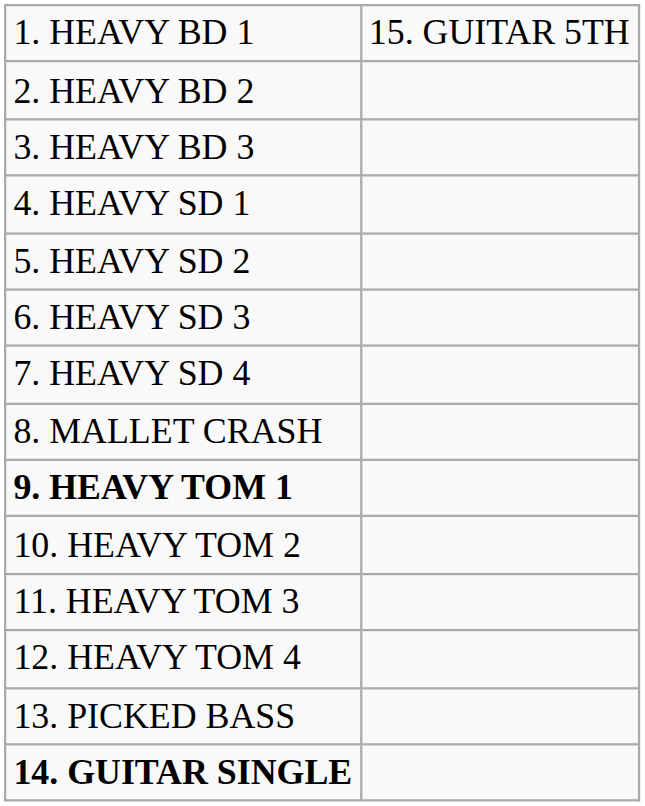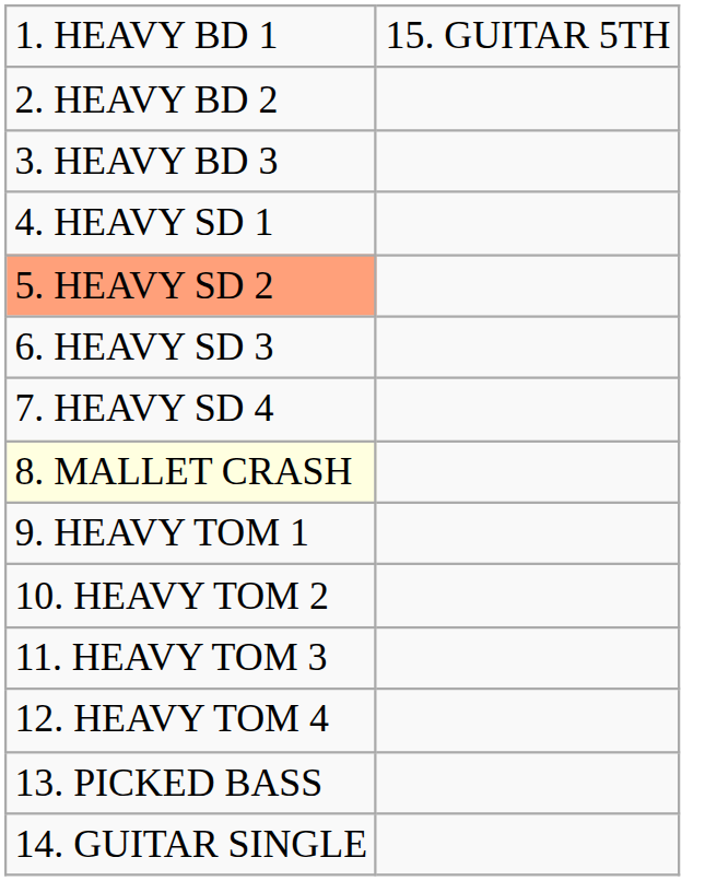 <table class="wikitable">
 <tr>
 <td>1. HEAVY BD 1</td>
 <td>15. GUITAR 5TH</td>
 </tr>
 <tr>
 <td>2. HEAVY BD 2</td>
 <td></td>
 </tr>
 <tr>
 <td>3. HEAVY BD 3</td>
 <td></td>
 </tr>
 <tr>
 <td>4. HEAVY SD 1</td>
 <td></td>
 </tr>
 <tr>
-<td>5. HEAVY SD 2</td>
+<td style="background: lightsalmon;">5. HEAVY SD 2</td>
 <td></td>
 </tr>
 <tr>
 <td>6. HEAVY SD 3</td>
 <td></td>
 </tr>
 <tr>
 <td>7. HEAVY SD 4</td>
 <td></td>
 </tr>
 <tr>
-<td>8. MALLET CRASH</td>
+<td style="background: lightyellow;">8. MALLET CRASH</td>
 <td></td>
 </tr>
 <tr>
-<td><strong>9. HEAVY TOM 1</strong></td>
+<td>9. HEAVY TOM 1</td>
 <td></td>
 </tr>
 <tr>
 <td>10. HEAVY TOM 2</td>
 <td></td>
 </tr>
 <tr>
 <td>11. HEAVY TOM 3</td>
 <td></td>
 </tr>
 <tr>
 <td>12. HEAVY TOM 4</td>
 <td></td>
 </tr>
 <tr>
 <td>13. PICKED BASS</td>
 <td></td>
 </tr>
 <tr>
-<td><strong>14. GUITAR SINGLE</strong></td>
+<td>14. GUITAR SINGLE</td>
 <td></td>
 </tr>
 </table>
